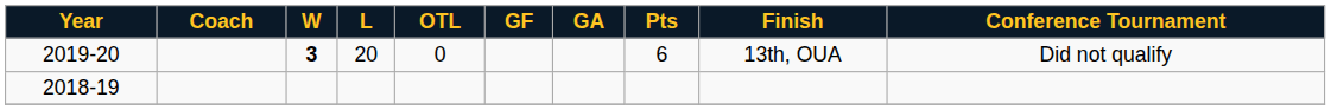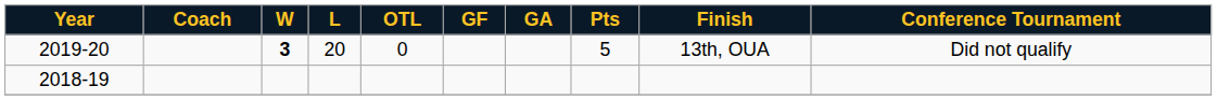 <table class="wikitable" style="width:80%;">
 <tr align="center"  style=" background:#0A1928;color:#FFC422;">
 <td><strong>Year</strong></td>
 <td><strong>Coach</strong></td>
 <td><strong>W</strong></td>
 <td><strong>L</strong></td>
 <td><strong>OTL</strong></td>
 <td><strong>GF</strong></td>
 <td><strong>GA</strong></td>
 <td><strong>Pts</strong></td>
 <td><strong>Finish</strong></td>
 <td><strong>Conference Tournament</strong></td>
 </tr>
 <tr align="center" bgcolor="">
 <td>2019-20</td>
 <td></td>
 <td><strong>3</strong></td>
 <td>20</td>
 <td>0</td>
 <td></td>
 <td></td>
-<td>6</td>
+<td>5</td>
 <td>13th, OUA</td>
 <td>Did not qualify</td>
 </tr>
 <tr align="center" bgcolor="">
 <td>2018-19</td>
 <td></td>
 <td></td>
 <td></td>
 <td></td>
 <td></td>
 <td></td>
 <td></td>
 <td></td>
 <td></td>
 </tr>
 <tr align="center" bgcolor="">
 </tr>
 </table>
